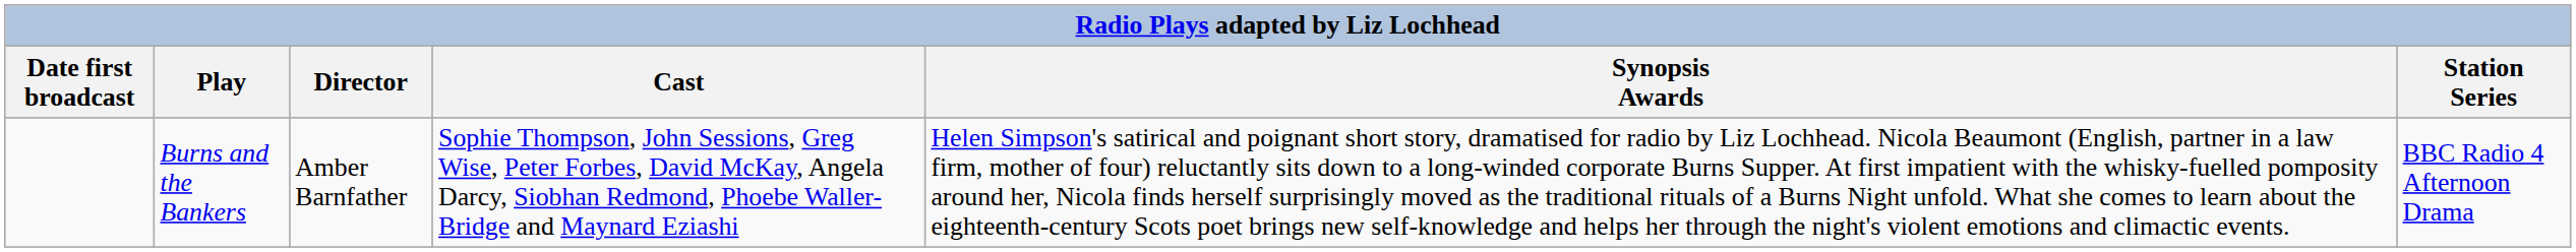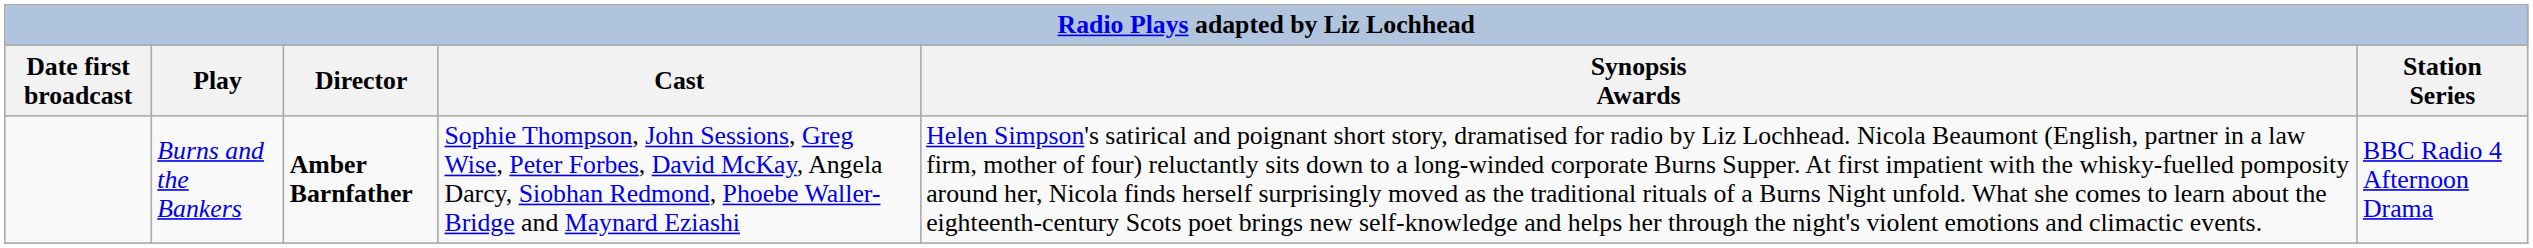 <table class="wikitable sortable">
 <tr style="text-align:center;">
 <th colspan=6 style="background:#B0C4DE;"><a href='#'>Radio Plays</a> adapted by Liz Lochhead</th>
 </tr>
 <tr style="text-align:center;">
 <th>Date first broadcast</th>
 <th>Play</th>
 <th>Director</th>
 <th>Cast</th>
 <th>Synopsis<br>Awards</th>
 <th>Station<br>Series<br></th>
 </tr>
 <tr id="Burns and the Bankers">
 <td></td>
 <td><em><a href='#'>Burns and the Bankers</a></em></td>
-<td>Amber Barnfather</td>
+<td><strong>Amber Barnfather</strong></td>
 <td><a href='#'>Sophie Thompson</a>, <a href='#'>John Sessions</a>, <a href='#'>Greg Wise</a>, <a href='#'>Peter Forbes</a>, <a href='#'>David McKay</a>, Angela Darcy, <a href='#'>Siobhan Redmond</a>, <a href='#'>Phoebe Waller-Bridge</a> and <a href='#'>Maynard Eziashi</a></td>
 <td><a href='#'>Helen Simpson</a>'s satirical and poignant short story, dramatised for radio by Liz Lochhead. Nicola Beaumont (English, partner in a law firm, mother of four) reluctantly sits down to a long-winded corporate Burns Supper. At first impatient with the whisky-fuelled pomposity around her, Nicola finds herself surprisingly moved as the traditional rituals of a Burns Night unfold. What she comes to learn about the eighteenth-century Scots poet brings new self-knowledge and helps her through the night's violent emotions and climactic events.</td>
 <td><a href='#'>BBC Radio 4</a> <a href='#'>Afternoon Drama</a></td>
 </tr>
 </table>
